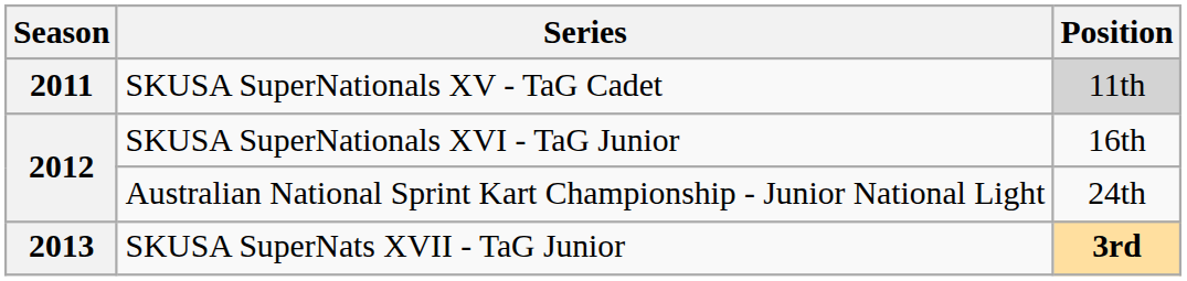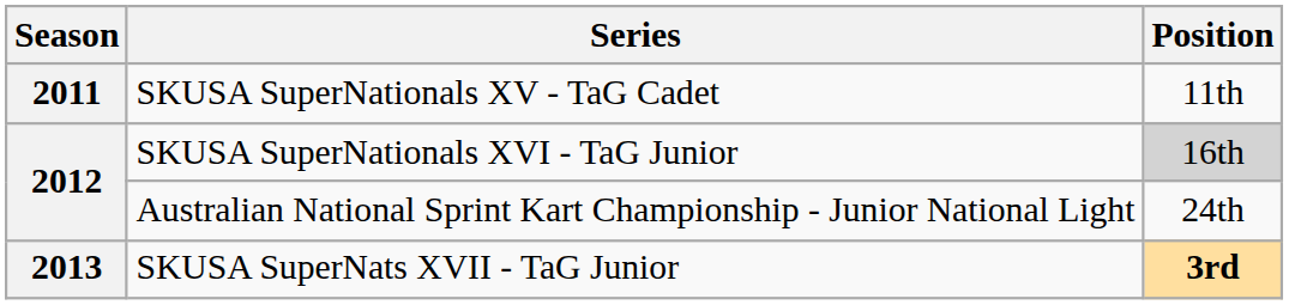 <table class="wikitable" style="font-size: 85%; text-align:center">
 <tr>
 <th>Season</th>
 <th>Series</th>
 <th>Position</th>
 </tr>
 <tr>
 <th>2011</th>
 <td align="left">SKUSA SuperNationals XV - TaG Cadet</td>
-<td style="background: lightgrey;">11th</td>
+<td>11th</td>
 </tr>
 <tr>
 <th rowspan=2>2012</th>
 <td align="left">SKUSA SuperNationals XVI - TaG Junior</td>
-<td>16th</td>
+<td style="background: lightgrey;">16th</td>
 </tr>
 <tr>
 <td align="left">Australian National Sprint Kart Championship - Junior National Light</td>
 <td>24th</td>
 </tr>
 <tr>
 <th>2013</th>
 <td align="left">SKUSA SuperNats XVII - TaG Junior</td>
 <td style=background:#ffdf9f><strong>3rd</strong></td>
 </tr>
 </table>
